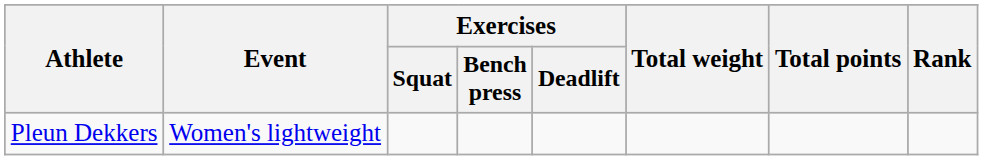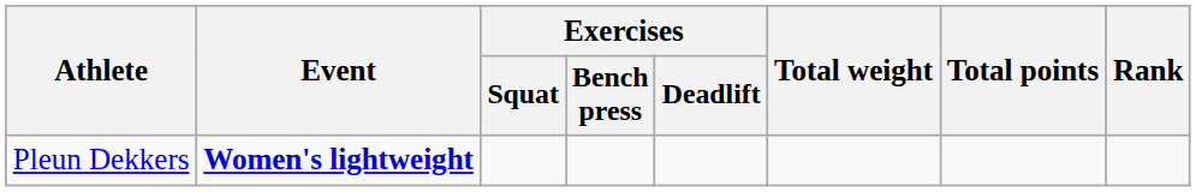 <table class=wikitable style="font-size:90%">
 <tr>
 <th rowspan="2">Athlete</th>
 <th rowspan="2">Event</th>
 <th colspan="3">Exercises</th>
 <th rowspan="2">Total weight</th>
 <th rowspan="2">Total points</th>
 <th rowspan="2">Rank</th>
 </tr>
 <tr style="font-size:95%">
 <th>Squat</th>
 <th>Bench<br>press</th>
 <th>Deadlift</th>
 </tr>
 <tr align=center>
 <td align=left><a href='#'>Pleun Dekkers</a></td>
-<td align=left><a href='#'>Women's lightweight</a></td>
+<td align=left><strong><a href='#'>Women's lightweight</a></strong></td>
 <td></td>
 <td></td>
 <td></td>
 <td></td>
 <td></td>
 <td></td>
 </tr>
 </table>
